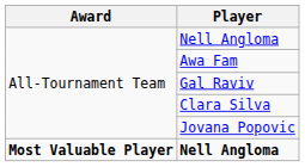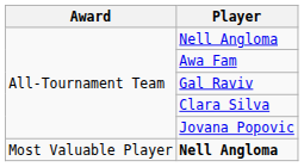 <table class="wikitable">
 <tr>
 <th>Award</th>
 <th>Player</th>
 </tr>
 <tr>
 <td rowspan=5>All-Tournament Team</td>
 <td> <a href='#'>Nell Angloma</a></td>
 </tr>
 <tr>
 <td> <a href='#'>Awa Fam</a></td>
 </tr>
 <tr>
 <td> <a href='#'>Gal Raviv</a></td>
 </tr>
 <tr>
 <td> <a href='#'>Clara Silva</a></td>
 </tr>
 <tr>
 <td> <a href='#'>Jovana Popovic</a></td>
 </tr>
 <tr>
-<td><strong>Most Valuable Player</strong></td>
+<td>Most Valuable Player</td>
 <td><strong> Nell Angloma</strong></td>
 </tr>
 </table>
